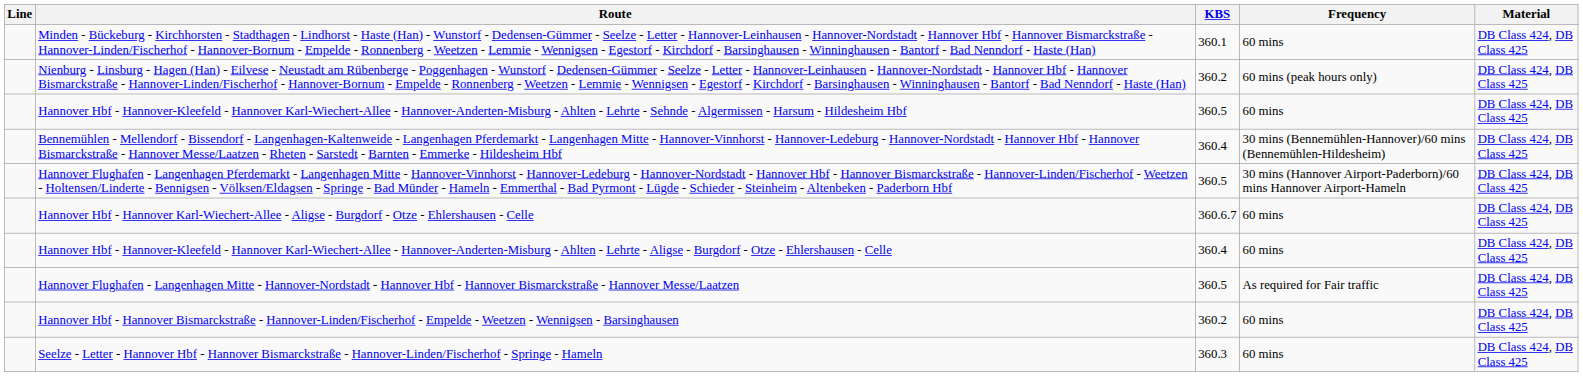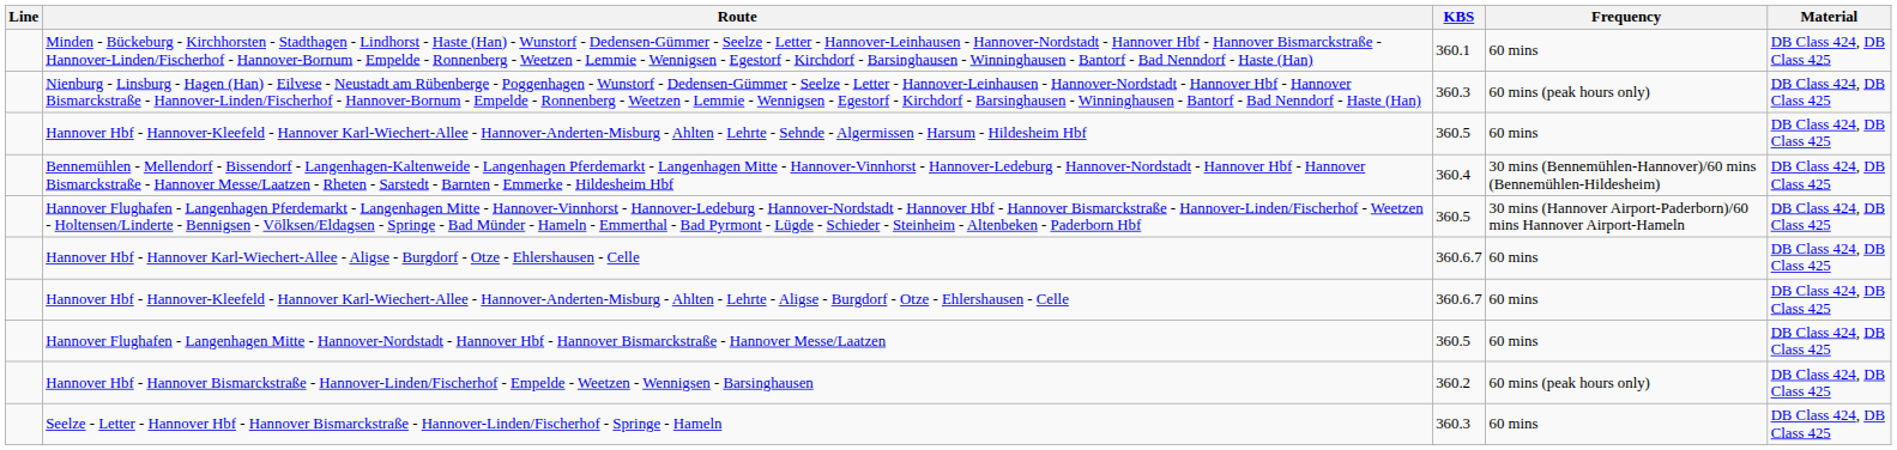 <table class="wikitable sortable" style>
 <tr>
 <th>Line</th>
 <th>Route</th>
 <th><a href='#'>KBS</a></th>
 <th>Frequency</th>
 <th>Material</th>
 </tr>
 <tr>
 <td></td>
 <td><a href='#'>Minden</a> - <a href='#'>Bückeburg</a> - <a href='#'>Kirchhorsten</a> - <a href='#'>Stadthagen</a> - <a href='#'>Lindhorst</a> - <a href='#'>Haste (Han)</a> - <a href='#'>Wunstorf</a> - <a href='#'>Dedensen-Gümmer</a> - <a href='#'>Seelze</a> - <a href='#'>Letter</a> - <a href='#'>Hannover-Leinhausen</a> - <a href='#'>Hannover-Nordstadt</a> - <a href='#'>Hannover Hbf</a> - <a href='#'>Hannover Bismarckstraße</a> - <a href='#'>Hannover-Linden/Fischerhof</a> - <a href='#'>Hannover-Bornum</a> - <a href='#'>Empelde</a> - <a href='#'>Ronnenberg</a> - <a href='#'>Weetzen</a> - <a href='#'>Lemmie</a> - <a href='#'>Wennigsen</a> - <a href='#'>Egestorf</a> - <a href='#'>Kirchdorf</a> - <a href='#'>Barsinghausen</a> - <a href='#'>Winninghausen</a> - <a href='#'>Bantorf</a> - <a href='#'>Bad Nenndorf</a> - <a href='#'>Haste (Han)</a></td>
 <td>360.1</td>
 <td>60 mins</td>
 <td><a href='#'>DB Class 424</a>, <a href='#'>DB Class 425</a></td>
 </tr>
 <tr>
 <td></td>
 <td><a href='#'>Nienburg</a> - <a href='#'>Linsburg</a> - <a href='#'>Hagen (Han)</a> - <a href='#'>Eilvese</a> - <a href='#'>Neustadt am Rübenberge</a> - <a href='#'>Poggenhagen</a> - <a href='#'>Wunstorf</a> - <a href='#'>Dedensen-Gümmer</a> - <a href='#'>Seelze</a> - <a href='#'>Letter</a> - <a href='#'>Hannover-Leinhausen</a> - <a href='#'>Hannover-Nordstadt</a> - <a href='#'>Hannover Hbf</a> - <a href='#'>Hannover Bismarckstraße</a> - <a href='#'>Hannover-Linden/Fischerhof</a> - <a href='#'>Hannover-Bornum</a> - <a href='#'>Empelde</a> - <a href='#'>Ronnenberg</a> - <a href='#'>Weetzen</a> - <a href='#'>Lemmie</a> - <a href='#'>Wennigsen</a> - <a href='#'>Egestorf</a> - <a href='#'>Kirchdorf</a> - <a href='#'>Barsinghausen</a> - <a href='#'>Winninghausen</a> - <a href='#'>Bantorf</a> - <a href='#'>Bad Nenndorf</a> - <a href='#'>Haste (Han)</a></td>
-<td>360.2</td>
+<td>360.3</td>
 <td>60 mins (peak hours only)</td>
 <td><a href='#'>DB Class 424</a>, <a href='#'>DB Class 425</a></td>
 </tr>
 <tr>
 <td></td>
 <td><a href='#'>Hannover Hbf</a> - <a href='#'>Hannover-Kleefeld</a> - <a href='#'>Hannover Karl-Wiechert-Allee</a> - <a href='#'>Hannover-Anderten-Misburg</a> - <a href='#'>Ahlten</a> - <a href='#'>Lehrte</a> - <a href='#'>Sehnde</a>  - <a href='#'>Algermissen</a> - <a href='#'>Harsum</a> - <a href='#'>Hildesheim Hbf</a></td>
 <td>360.5</td>
 <td>60 mins</td>
 <td><a href='#'>DB Class 424</a>, <a href='#'>DB Class 425</a></td>
 </tr>
 <tr>
 <td></td>
 <td><a href='#'>Bennemühlen</a> - <a href='#'>Mellendorf</a> - <a href='#'>Bissendorf</a> - <a href='#'>Langenhagen-Kaltenweide</a> - <a href='#'>Langenhagen Pferdemarkt</a> - <a href='#'>Langenhagen Mitte</a> - <a href='#'>Hannover-Vinnhorst</a> - <a href='#'>Hannover-Ledeburg</a> - <a href='#'>Hannover-Nordstadt</a> - <a href='#'>Hannover Hbf</a> - <a href='#'>Hannover Bismarckstraße</a> - <a href='#'>Hannover Messe/Laatzen</a> - <a href='#'>Rheten</a> - <a href='#'>Sarstedt</a> - <a href='#'>Barnten</a> - <a href='#'>Emmerke</a> - <a href='#'>Hildesheim Hbf</a></td>
 <td>360.4</td>
 <td>30 mins (Bennemühlen-Hannover)/60 mins (Bennemühlen-Hildesheim)</td>
 <td><a href='#'>DB Class 424</a>, <a href='#'>DB Class 425</a></td>
 </tr>
 <tr>
 <td></td>
 <td><a href='#'>Hannover Flughafen</a> - <a href='#'>Langenhagen Pferdemarkt</a> - <a href='#'>Langenhagen Mitte</a> - <a href='#'>Hannover-Vinnhorst</a> - <a href='#'>Hannover-Ledeburg</a> - <a href='#'>Hannover-Nordstadt</a> - <a href='#'>Hannover Hbf</a> - <a href='#'>Hannover Bismarckstraße</a> - <a href='#'>Hannover-Linden/Fischerhof</a> - <a href='#'>Weetzen</a> - <a href='#'>Holtensen/Linderte</a> - <a href='#'>Bennigsen</a> - <a href='#'>Völksen/Eldagsen</a> - <a href='#'>Springe</a> - <a href='#'>Bad Münder</a> - <a href='#'>Hameln</a> - <a href='#'>Emmerthal</a> - <a href='#'>Bad Pyrmont</a> - <a href='#'>Lügde</a> - <a href='#'>Schieder</a> - <a href='#'>Steinheim</a> - <a href='#'>Altenbeken</a> - <a href='#'>Paderborn Hbf</a></td>
 <td>360.5</td>
 <td>30 mins (Hannover Airport-Paderborn)/60 mins Hannover Airport-Hameln</td>
 <td><a href='#'>DB Class 424</a>, <a href='#'>DB Class 425</a></td>
 </tr>
 <tr>
 <td></td>
 <td><a href='#'>Hannover Hbf</a> - <a href='#'>Hannover Karl-Wiechert-Allee</a> - <a href='#'>Aligse</a> - <a href='#'>Burgdorf</a> - <a href='#'>Otze</a> - <a href='#'>Ehlershausen</a> - <a href='#'>Celle</a></td>
 <td>360.6.7</td>
 <td>60 mins</td>
 <td><a href='#'>DB Class 424</a>, <a href='#'>DB Class 425</a></td>
 </tr>
 <tr>
 <td></td>
 <td><a href='#'>Hannover Hbf</a> - <a href='#'>Hannover-Kleefeld</a> - <a href='#'>Hannover Karl-Wiechert-Allee</a> - <a href='#'>Hannover-Anderten-Misburg</a> - <a href='#'>Ahlten</a> - <a href='#'>Lehrte</a> - <a href='#'>Aligse</a> - <a href='#'>Burgdorf</a> - <a href='#'>Otze</a> - <a href='#'>Ehlershausen</a> - <a href='#'>Celle</a></td>
-<td>360.4</td>
+<td>360.6.7</td>
 <td>60 mins</td>
 <td><a href='#'>DB Class 424</a>, <a href='#'>DB Class 425</a></td>
 </tr>
 <tr>
 <td></td>
 <td><a href='#'>Hannover Flughafen</a> - <a href='#'>Langenhagen Mitte</a> - <a href='#'>Hannover-Nordstadt</a> - <a href='#'>Hannover Hbf</a> - <a href='#'>Hannover Bismarckstraße</a> - <a href='#'>Hannover Messe/Laatzen</a></td>
 <td>360.5</td>
-<td>As required for Fair traffic</td>
+<td>60 mins</td>
 <td><a href='#'>DB Class 424</a>, <a href='#'>DB Class 425</a></td>
 </tr>
 <tr>
 <td></td>
 <td><a href='#'>Hannover Hbf</a> - <a href='#'>Hannover Bismarckstraße</a> - <a href='#'>Hannover-Linden/Fischerhof</a> - <a href='#'>Empelde</a> - <a href='#'>Weetzen</a> - <a href='#'>Wennigsen</a> - <a href='#'>Barsinghausen</a></td>
 <td>360.2</td>
-<td>60 mins</td>
+<td>60 mins  (peak hours only)</td>
 <td><a href='#'>DB Class 424</a>, <a href='#'>DB Class 425</a></td>
 </tr>
 <tr>
 <td></td>
 <td><a href='#'>Seelze</a> - <a href='#'>Letter</a> - <a href='#'>Hannover Hbf</a> - <a href='#'>Hannover Bismarckstraße</a> - <a href='#'>Hannover-Linden/Fischerhof</a> - <a href='#'>Springe</a> - <a href='#'>Hameln</a></td>
 <td>360.3</td>
 <td>60 mins</td>
 <td><a href='#'>DB Class 424</a>, <a href='#'>DB Class 425</a></td>
 </tr>
 </table>
